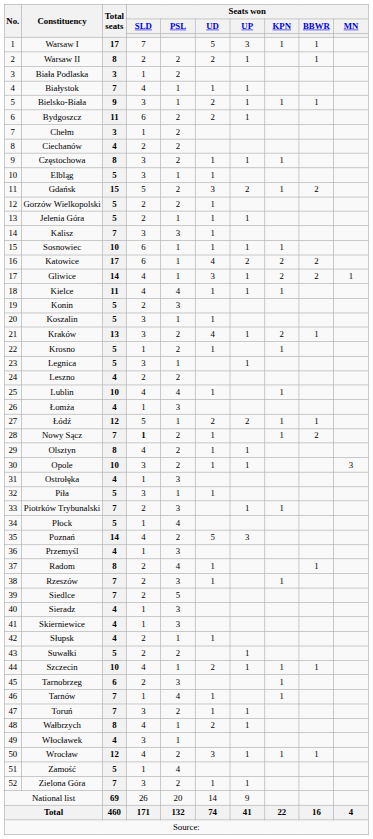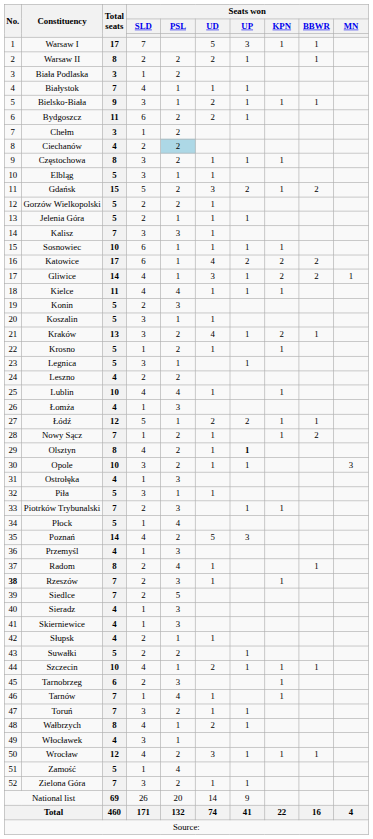 <table class="wikitable" style="text-align:center; font-size: 0.9em;">
 <tr>
 <th rowspan="3">No.</th>
 <th rowspan="3">Constituency</th>
 <th rowspan="3">Total<br>seats</th>
 <th colspan="7">Seats won</th>
 </tr>
 <tr>
 <th class="unsortable" style="width:50px;"><a href='#'>SLD</a></th>
 <th class="unsortable" style="width:50px;"><a href='#'>PSL</a></th>
 <th class="unsortable" style="width:50px;"><a href='#'>UD</a></th>
 <th class="unsortable" style="width:50px;"><a href='#'>UP</a></th>
 <th class="unsortable" style="width:50px;"><a href='#'>KPN</a></th>
 <th class="unsortable" style="width:50px;"><a href='#'>BBWR</a></th>
 <th class="unsortable" style="width:50px;"><a href='#'>MN</a></th>
 </tr>
 <tr>
 <th style="background:"></th>
 <th style="background:"></th>
 <th style="background:"></th>
 <th style="background:"></th>
 <th style="background:"></th>
 <th style="background:"></th>
 <th style="background:"></th>
 </tr>
 <tr>
 <td>1</td>
 <td>Warsaw I</td>
 <th>17</th>
 <td>7</td>
 <td></td>
 <td>5</td>
 <td>3</td>
 <td>1</td>
 <td>1</td>
 <td></td>
 </tr>
 <tr>
 <td>2</td>
 <td>Warsaw II</td>
 <th>8</th>
 <td>2</td>
 <td>2</td>
 <td>2</td>
 <td>1</td>
 <td></td>
 <td>1</td>
 <td></td>
 </tr>
 <tr>
 <td>3</td>
 <td>Biała Podlaska</td>
 <th>3</th>
 <td>1</td>
 <td>2</td>
 <td></td>
 <td></td>
 <td></td>
 <td></td>
 <td></td>
 </tr>
 <tr>
 <td>4</td>
 <td>Białystok</td>
 <th>7</th>
 <td>4</td>
 <td>1</td>
 <td>1</td>
 <td>1</td>
 <td></td>
 <td></td>
 <td></td>
 </tr>
 <tr>
 <td>5</td>
 <td>Bielsko-Biała</td>
 <th>9</th>
 <td>3</td>
 <td>1</td>
 <td>2</td>
 <td>1</td>
 <td>1</td>
 <td>1</td>
 <td></td>
 </tr>
 <tr>
 <td>6</td>
 <td>Bydgoszcz</td>
 <th>11</th>
 <td>6</td>
 <td>2</td>
 <td>2</td>
 <td>1</td>
 <td></td>
 <td></td>
 <td></td>
 </tr>
 <tr>
 <td>7</td>
 <td>Chełm</td>
 <th>3</th>
 <td>1</td>
 <td>2</td>
 <td></td>
 <td></td>
 <td></td>
 <td></td>
 <td></td>
 </tr>
 <tr>
 <td>8</td>
 <td>Ciechanów</td>
 <th>4</th>
 <td>2</td>
-<td>2</td>
+<td style="background: lightblue;">2</td>
 <td></td>
 <td></td>
 <td></td>
 <td></td>
 <td></td>
 </tr>
 <tr>
 <td>9</td>
 <td>Częstochowa</td>
 <th>8</th>
 <td>3</td>
 <td>2</td>
 <td>1</td>
 <td>1</td>
 <td>1</td>
 <td></td>
 <td></td>
 </tr>
 <tr>
 <td>10</td>
 <td>Elbląg</td>
 <th>5</th>
 <td>3</td>
 <td>1</td>
 <td>1</td>
 <td></td>
 <td></td>
 <td></td>
 <td></td>
 </tr>
 <tr>
 <td>11</td>
 <td>Gdańsk</td>
 <th>15</th>
 <td>5</td>
 <td>2</td>
 <td>3</td>
 <td>2</td>
 <td>1</td>
 <td>2</td>
 <td></td>
 </tr>
 <tr>
 <td>12</td>
 <td>Gorzów Wielkopolski</td>
 <th>5</th>
 <td>2</td>
 <td>2</td>
 <td>1</td>
 <td></td>
 <td></td>
 <td></td>
 <td></td>
 </tr>
 <tr>
 <td>13</td>
 <td>Jelenia Góra</td>
 <th>5</th>
 <td>2</td>
 <td>1</td>
 <td>1</td>
 <td>1</td>
 <td></td>
 <td></td>
 <td></td>
 </tr>
 <tr>
 <td>14</td>
 <td>Kalisz</td>
 <th>7</th>
 <td>3</td>
 <td>3</td>
 <td>1</td>
 <td></td>
 <td></td>
 <td></td>
 <td></td>
 </tr>
 <tr>
 <td>15</td>
 <td>Sosnowiec</td>
 <th>10</th>
 <td>6</td>
 <td>1</td>
 <td>1</td>
 <td>1</td>
 <td>1</td>
 <td></td>
 <td></td>
 </tr>
 <tr>
 <td>16</td>
 <td>Katowice</td>
 <th>17</th>
 <td>6</td>
 <td>1</td>
 <td>4</td>
 <td>2</td>
 <td>2</td>
 <td>2</td>
 <td></td>
 </tr>
 <tr>
 <td>17</td>
 <td>Gliwice</td>
 <th>14</th>
 <td>4</td>
 <td>1</td>
 <td>3</td>
 <td>1</td>
 <td>2</td>
 <td>2</td>
 <td>1</td>
 </tr>
 <tr>
 <td>18</td>
 <td>Kielce</td>
 <th>11</th>
 <td>4</td>
 <td>4</td>
 <td>1</td>
 <td>1</td>
 <td>1</td>
 <td></td>
 <td></td>
 </tr>
 <tr>
 <td>19</td>
 <td>Konin</td>
 <th>5</th>
 <td>2</td>
 <td>3</td>
 <td></td>
 <td></td>
 <td></td>
 <td></td>
 <td></td>
 </tr>
 <tr>
 <td>20</td>
 <td>Koszalin</td>
 <th>5</th>
 <td>3</td>
 <td>1</td>
 <td>1</td>
 <td></td>
 <td></td>
 <td></td>
 <td></td>
 </tr>
 <tr>
 <td>21</td>
 <td>Kraków</td>
 <th>13</th>
 <td>3</td>
 <td>2</td>
 <td>4</td>
 <td>1</td>
 <td>2</td>
 <td>1</td>
 <td></td>
 </tr>
 <tr>
 <td>22</td>
 <td>Krosno</td>
 <th>5</th>
 <td>1</td>
 <td>2</td>
 <td>1</td>
 <td></td>
 <td>1</td>
 <td></td>
 <td></td>
 </tr>
 <tr>
 <td>23</td>
 <td>Legnica</td>
 <th>5</th>
 <td>3</td>
 <td>1</td>
 <td></td>
 <td>1</td>
 <td></td>
 <td></td>
 <td></td>
 </tr>
 <tr>
 <td>24</td>
 <td>Leszno</td>
 <th>4</th>
 <td>2</td>
 <td>2</td>
 <td></td>
 <td></td>
 <td></td>
 <td></td>
 <td></td>
 </tr>
 <tr>
 <td>25</td>
 <td>Lublin</td>
 <th>10</th>
 <td>4</td>
 <td>4</td>
 <td>1</td>
 <td></td>
 <td>1</td>
 <td></td>
 <td></td>
 </tr>
 <tr>
 <td>26</td>
 <td>Łomża</td>
 <th>4</th>
 <td>1</td>
 <td>3</td>
 <td></td>
 <td></td>
 <td></td>
 <td></td>
 <td></td>
 </tr>
 <tr>
 <td>27</td>
 <td>Łódź</td>
 <th>12</th>
 <td>5</td>
 <td>1</td>
 <td>2</td>
 <td>2</td>
 <td>1</td>
 <td>1</td>
 <td></td>
 </tr>
 <tr>
 <td>28</td>
 <td>Nowy Sącz</td>
 <th>7</th>
-<td><strong>1</strong></td>
+<td>1</td>
 <td>2</td>
 <td>1</td>
 <td></td>
 <td>1</td>
 <td>2</td>
 <td></td>
 </tr>
 <tr>
 <td>29</td>
 <td>Olsztyn</td>
 <th>8</th>
 <td>4</td>
 <td>2</td>
 <td>1</td>
-<td>1</td>
+<td><strong>1</strong></td>
 <td></td>
 <td></td>
 <td></td>
 </tr>
 <tr>
 <td>30</td>
 <td>Opole</td>
 <th>10</th>
 <td>3</td>
 <td>2</td>
 <td>1</td>
 <td>1</td>
 <td></td>
 <td></td>
 <td>3</td>
 </tr>
 <tr>
 <td>31</td>
 <td>Ostrołęka</td>
 <th>4</th>
 <td>1</td>
 <td>3</td>
 <td></td>
 <td></td>
 <td></td>
 <td></td>
 <td></td>
 </tr>
 <tr>
 <td>32</td>
 <td>Piła</td>
 <th>5</th>
 <td>3</td>
 <td>1</td>
 <td>1</td>
 <td></td>
 <td></td>
 <td></td>
 <td></td>
 </tr>
 <tr>
 <td>33</td>
 <td>Piotrków Trybunalski</td>
 <th>7</th>
 <td>2</td>
 <td>3</td>
 <td></td>
 <td>1</td>
 <td>1</td>
 <td></td>
 <td></td>
 </tr>
 <tr>
 <td>34</td>
 <td>Płock</td>
 <th>5</th>
 <td>1</td>
 <td>4</td>
 <td></td>
 <td></td>
 <td></td>
 <td></td>
 <td></td>
 </tr>
 <tr>
 <td>35</td>
 <td>Poznań</td>
 <th>14</th>
 <td>4</td>
 <td>2</td>
 <td>5</td>
 <td>3</td>
 <td></td>
 <td></td>
 <td></td>
 </tr>
 <tr>
 <td>36</td>
 <td>Przemyśl</td>
 <th>4</th>
 <td>1</td>
 <td>3</td>
 <td></td>
 <td></td>
 <td></td>
 <td></td>
 <td></td>
 </tr>
 <tr>
 <td>37</td>
 <td>Radom</td>
 <th>8</th>
 <td>2</td>
 <td>4</td>
 <td>1</td>
 <td></td>
 <td></td>
 <td>1</td>
 <td></td>
 </tr>
 <tr>
-<td>38</td>
+<td><strong>38</strong></td>
 <td>Rzeszów</td>
 <th>7</th>
 <td>2</td>
 <td>3</td>
 <td>1</td>
 <td></td>
 <td>1</td>
 <td></td>
 <td></td>
 </tr>
 <tr>
 <td>39</td>
 <td>Siedlce</td>
 <th>7</th>
 <td>2</td>
 <td>5</td>
 <td></td>
 <td></td>
 <td></td>
 <td></td>
 <td></td>
 </tr>
 <tr>
 <td>40</td>
 <td>Sieradz</td>
 <th>4</th>
 <td>1</td>
 <td>3</td>
 <td></td>
 <td></td>
 <td></td>
 <td></td>
 <td></td>
 </tr>
 <tr>
 <td>41</td>
 <td>Skierniewice</td>
 <th>4</th>
 <td>1</td>
 <td>3</td>
 <td></td>
 <td></td>
 <td></td>
 <td></td>
 <td></td>
 </tr>
 <tr>
 <td>42</td>
 <td>Słupsk</td>
 <th>4</th>
 <td>2</td>
 <td>1</td>
 <td>1</td>
 <td></td>
 <td></td>
 <td></td>
 <td></td>
 </tr>
 <tr>
 <td>43</td>
 <td>Suwałki</td>
 <th>5</th>
 <td>2</td>
 <td>2</td>
 <td></td>
 <td>1</td>
 <td></td>
 <td></td>
 <td></td>
 </tr>
 <tr>
 <td>44</td>
 <td>Szczecin</td>
 <th>10</th>
 <td>4</td>
 <td>1</td>
 <td>2</td>
 <td>1</td>
 <td>1</td>
 <td>1</td>
 <td></td>
 </tr>
 <tr>
 <td>45</td>
 <td>Tarnobrzeg</td>
 <th>6</th>
 <td>2</td>
 <td>3</td>
 <td></td>
 <td></td>
 <td>1</td>
 <td></td>
 <td></td>
 </tr>
 <tr>
 <td>46</td>
 <td>Tarnów</td>
 <th>7</th>
 <td>1</td>
 <td>4</td>
 <td>1</td>
 <td></td>
 <td>1</td>
 <td></td>
 <td></td>
 </tr>
 <tr>
 <td>47</td>
 <td>Toruń</td>
 <th>7</th>
 <td>3</td>
 <td>2</td>
 <td>1</td>
 <td>1</td>
 <td></td>
 <td></td>
 <td></td>
 </tr>
 <tr>
 <td>48</td>
 <td>Wałbrzych</td>
 <th>8</th>
 <td>4</td>
 <td>1</td>
 <td>2</td>
 <td>1</td>
 <td></td>
 <td></td>
 <td></td>
 </tr>
 <tr>
 <td>49</td>
 <td>Włocławek</td>
 <th>4</th>
 <td>3</td>
 <td>1</td>
 <td></td>
 <td></td>
 <td></td>
 <td></td>
 <td></td>
 </tr>
 <tr>
 <td>50</td>
 <td>Wrocław</td>
 <th>12</th>
 <td>4</td>
 <td>2</td>
 <td>3</td>
 <td>1</td>
 <td>1</td>
 <td>1</td>
 <td></td>
 </tr>
 <tr>
 <td>51</td>
 <td>Zamość</td>
 <th>5</th>
 <td>1</td>
 <td>4</td>
 <td></td>
 <td></td>
 <td></td>
 <td></td>
 <td></td>
 </tr>
 <tr>
 <td>52</td>
 <td>Zielona Góra</td>
 <th>7</th>
 <td>3</td>
 <td>2</td>
 <td>1</td>
 <td>1</td>
 <td></td>
 <td></td>
 <td></td>
 </tr>
 <tr>
 <td colspan="2">National list</td>
 <th>69</th>
 <td>26</td>
 <td>20</td>
 <td>14</td>
 <td>9</td>
 <td></td>
 <td></td>
 <td></td>
 </tr>
 <tr>
 <th colspan="2">Total</th>
 <th>460</th>
 <th>171</th>
 <th>132</th>
 <th>74</th>
 <th>41</th>
 <th>22</th>
 <th>16</th>
 <th>4</th>
 </tr>
 <tr>
 <td colspan="10">Source: </td>
 </tr>
 </table>
